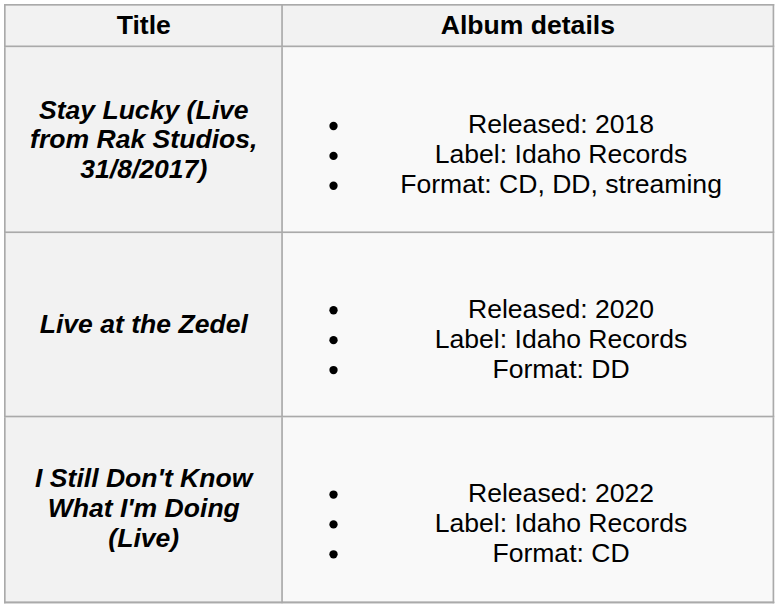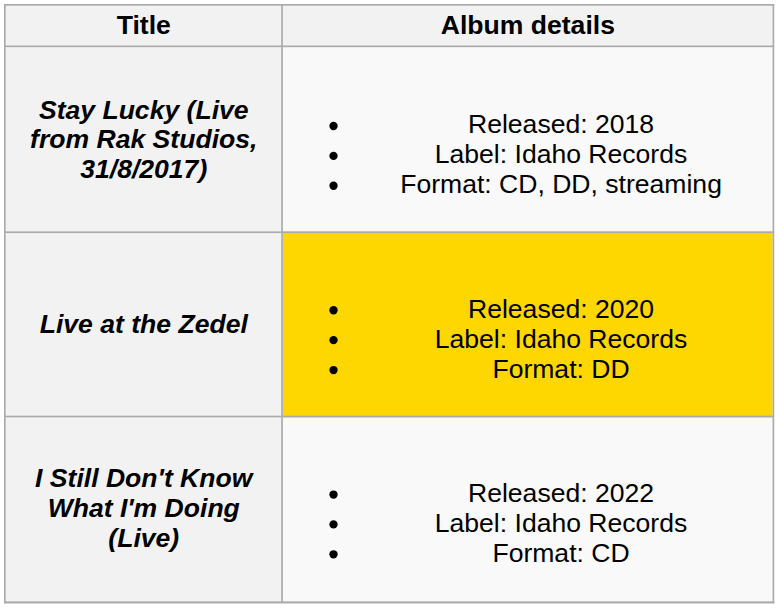 <table class="wikitable plainrowheaders" style="text-align:center;">
 <tr>
 <th scope="col" style="width:10em;">Title</th>
 <th scope="col" style="width:18em;">Album details</th>
 </tr>
 <tr>
 <th scope="row"><em>Stay Lucky (Live from Rak Studios, 31/8/2017)</em></th>
 <td><br><ul><li>Released: 2018</li><li>Label: Idaho Records</li><li>Format: CD, DD, streaming</li></ul></td>
 </tr>
 <tr>
 <th scope="row"><em>Live at the Zedel</em></th>
-<td><br><ul><li>Released: 2020</li><li>Label: Idaho Records</li><li>Format: DD</li></ul></td>
+<td style="background: gold;"><br><ul><li>Released: 2020</li><li>Label: Idaho Records</li><li>Format: DD</li></ul></td>
 </tr>
 <tr>
 <th scope="row"><em>I Still Don't Know What I'm Doing (Live)</em></th>
 <td><br><ul><li>Released: 2022</li><li>Label: Idaho Records</li><li>Format: CD</li></ul></td>
 </tr>
 <tr>
 </tr>
 </table>
